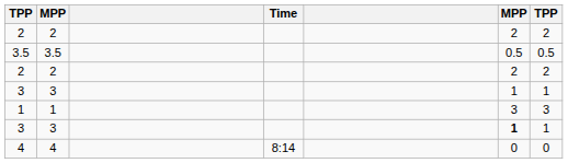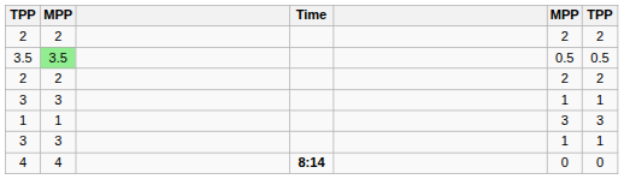 <table class="wikitable" style="text-align: center;" |>
 <tr>
 <th width="35">TPP</th>
 <th width="35">MPP</th>
 <th width="250"></th>
 <th width="45">Time</th>
 <th width="250"></th>
 <th width="35">MPP</th>
 <th width="35">TPP</th>
 </tr>
 <tr>
 <td>2</td>
 <td>2</td>
 <td style="text-align:left;"></td>
 <td></td>
 <td style="text-align:left;"></td>
 <td>2</td>
 <td>2</td>
 </tr>
 <tr>
 <td>3.5</td>
-<td>3.5</td>
+<td style="background: lightgreen;">3.5</td>
 <td style="text-align:left;"></td>
 <td></td>
 <td style="text-align:left;"><strong></strong></td>
 <td>0.5</td>
 <td>0.5</td>
 </tr>
 <tr>
 <td>2</td>
 <td>2</td>
 <td style="text-align:left;"></td>
 <td></td>
 <td style="text-align:left;"></td>
 <td>2</td>
 <td>2</td>
 </tr>
 <tr>
 <td>3</td>
 <td>3</td>
 <td style="text-align:left;"></td>
 <td></td>
 <td style="text-align:left;"><strong></strong></td>
 <td>1</td>
 <td>1</td>
 </tr>
 <tr>
 <td>1</td>
 <td>1</td>
 <td style="text-align:left;"><strong></strong></td>
 <td></td>
 <td style="text-align:left;"></td>
 <td>3</td>
 <td>3</td>
 </tr>
 <tr>
 <td>3</td>
 <td>3</td>
 <td style="text-align:left;"></td>
 <td></td>
 <td style="text-align:left;"><strong></strong></td>
-<td><strong>1</strong></td>
+<td>1</td>
 <td>1</td>
 </tr>
 <tr>
 <td>4</td>
 <td>4</td>
 <td style="text-align:left;"></td>
-<td>8:14</td>
+<td><strong>8:14</strong></td>
 <td style="text-align:left;"><strong></strong></td>
 <td>0</td>
 <td>0</td>
 </tr>
 </table>
